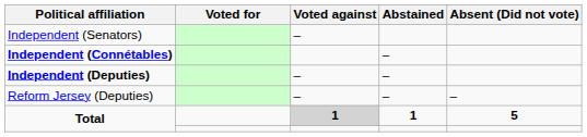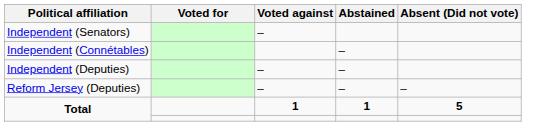 <table class="wikitable">
 <tr>
 <th>Political affiliation</th>
 <th style="width:20%;">Voted for</th>
 <th>Voted against</th>
 <th>Abstained</th>
 <th>Absent (Did not vote)</th>
 </tr>
 <tr>
 <td> <a href='#'>Independent</a> (Senators)</td>
 <td style="background-color:#CCFFCC;"></td>
 <td>–</td>
 <td></td>
 <td></td>
 </tr>
 <tr>
-<td><strong> <a href='#'>Independent</a> (<a href='#'>Connétables</a>)</strong></td>
+<td> <a href='#'>Independent</a> (<a href='#'>Connétables</a>)</td>
 <td style="background-color:#CCFFCC;"></td>
 <td></td>
 <td>–</td>
 <td></td>
 </tr>
 <tr>
-<td><strong> <a href='#'>Independent</a> (Deputies)</strong></td>
+<td> <a href='#'>Independent</a> (Deputies)</td>
 <td style="background-color:#CCFFCC;"></td>
 <td>–</td>
 <td>–</td>
 <td></td>
 </tr>
 <tr>
 <td> <a href='#'>Reform Jersey</a> (Deputies)</td>
 <td style="background-color:#CCFFCC;"></td>
 <td>–</td>
 <td>–</td>
 <td>–</td>
 </tr>
 <tr>
 <td style="text-align:center;" rowspan="2"><strong>Total</strong></td>
 <td></td>
-<td style="background: lightgrey; text-align:center;"><strong>1</strong></td>
+<td style="text-align:center;"><strong>1</strong></td>
 <td style="text-align:center;"><strong>1</strong></td>
 <td style="text-align:center;"><strong>5</strong></td>
 </tr>
 <tr>
 <td style="text-align:center;"></td>
 <td style="text-align:center;"></td>
 <td style="text-align:center;"></td>
 <td style="text-align:center;"></td>
 </tr>
 </table>
